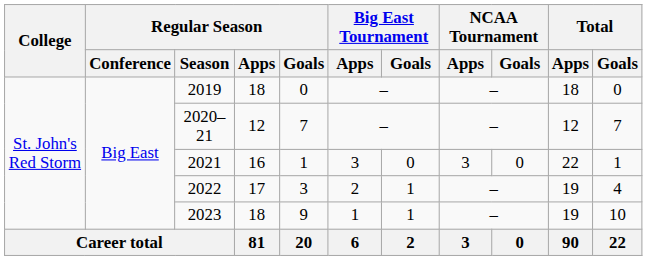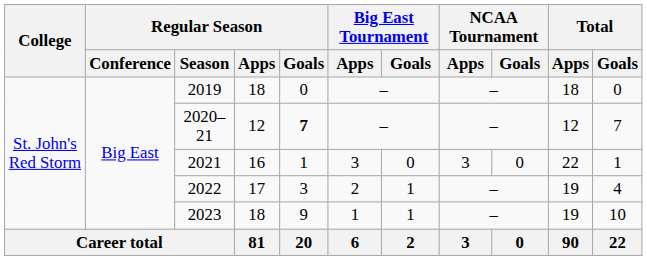 <table class="wikitable" style="text-align: center;">
 <tr>
 <th rowspan="2">College</th>
 <th colspan="4">Regular Season</th>
 <th colspan="2"><a href='#'>Big East Tournament</a></th>
 <th colspan="2">NCAA Tournament</th>
 <th colspan="2">Total</th>
 </tr>
 <tr>
 <th>Conference</th>
 <th>Season</th>
 <th>Apps</th>
 <th>Goals</th>
 <th>Apps</th>
 <th>Goals</th>
 <th>Apps</th>
 <th>Goals</th>
 <th>Apps</th>
 <th>Goals</th>
 </tr>
 <tr>
 <td rowspan="5"><a href='#'>St. John's Red Storm</a></td>
 <td rowspan="5"><a href='#'>Big East</a></td>
 <td>2019</td>
 <td>18</td>
 <td>0</td>
 <td colspan="2">–</td>
 <td colspan="2">–</td>
 <td>18</td>
 <td>0</td>
 </tr>
 <tr>
 <td>2020–21</td>
 <td>12</td>
-<td>7</td>
+<td><strong>7</strong></td>
 <td colspan="2">–</td>
 <td colspan="2">–</td>
 <td>12</td>
 <td>7</td>
 </tr>
 <tr>
 <td>2021</td>
 <td>16</td>
 <td>1</td>
 <td>3</td>
 <td>0</td>
 <td>3</td>
 <td>0</td>
 <td>22</td>
 <td>1</td>
 </tr>
 <tr>
 <td>2022</td>
 <td>17</td>
 <td>3</td>
 <td>2</td>
 <td>1</td>
 <td colspan="2">–</td>
 <td>19</td>
 <td>4</td>
 </tr>
 <tr>
 <td>2023</td>
 <td>18</td>
 <td>9</td>
 <td>1</td>
 <td>1</td>
 <td colspan="2">–</td>
 <td>19</td>
 <td>10</td>
 </tr>
 <tr>
 <th colspan="3">Career total</th>
 <th>81</th>
 <th>20</th>
 <th>6</th>
 <th>2</th>
 <th>3</th>
 <th>0</th>
 <th>90</th>
 <th>22</th>
 </tr>
 </table>
